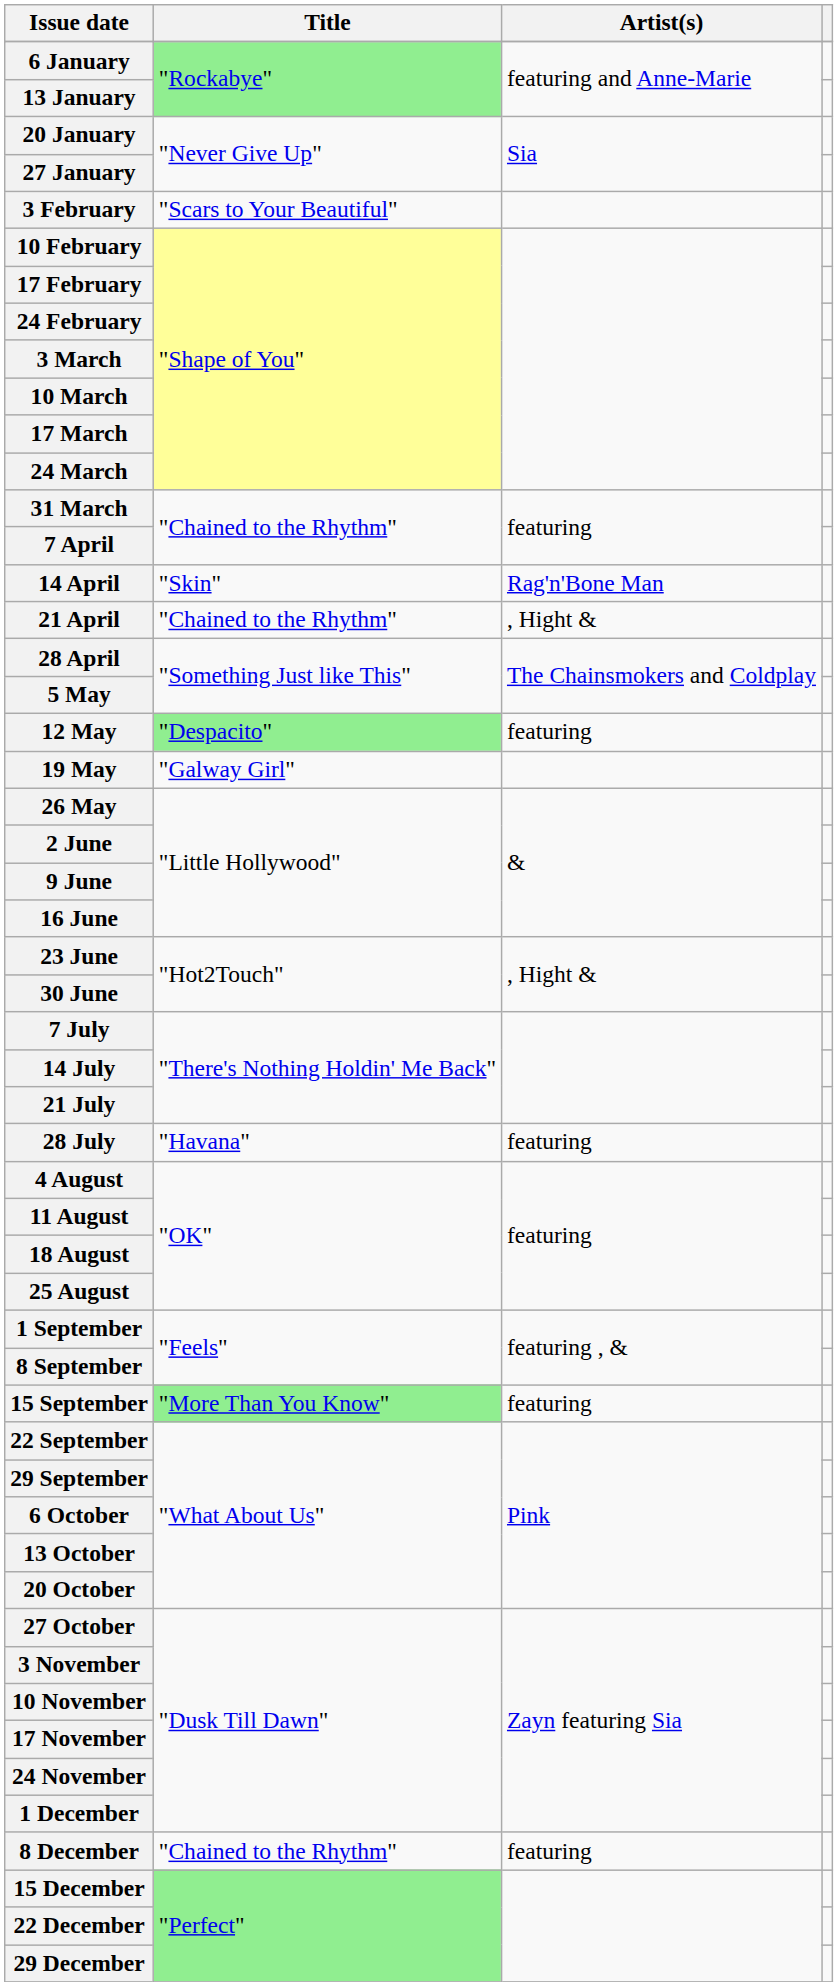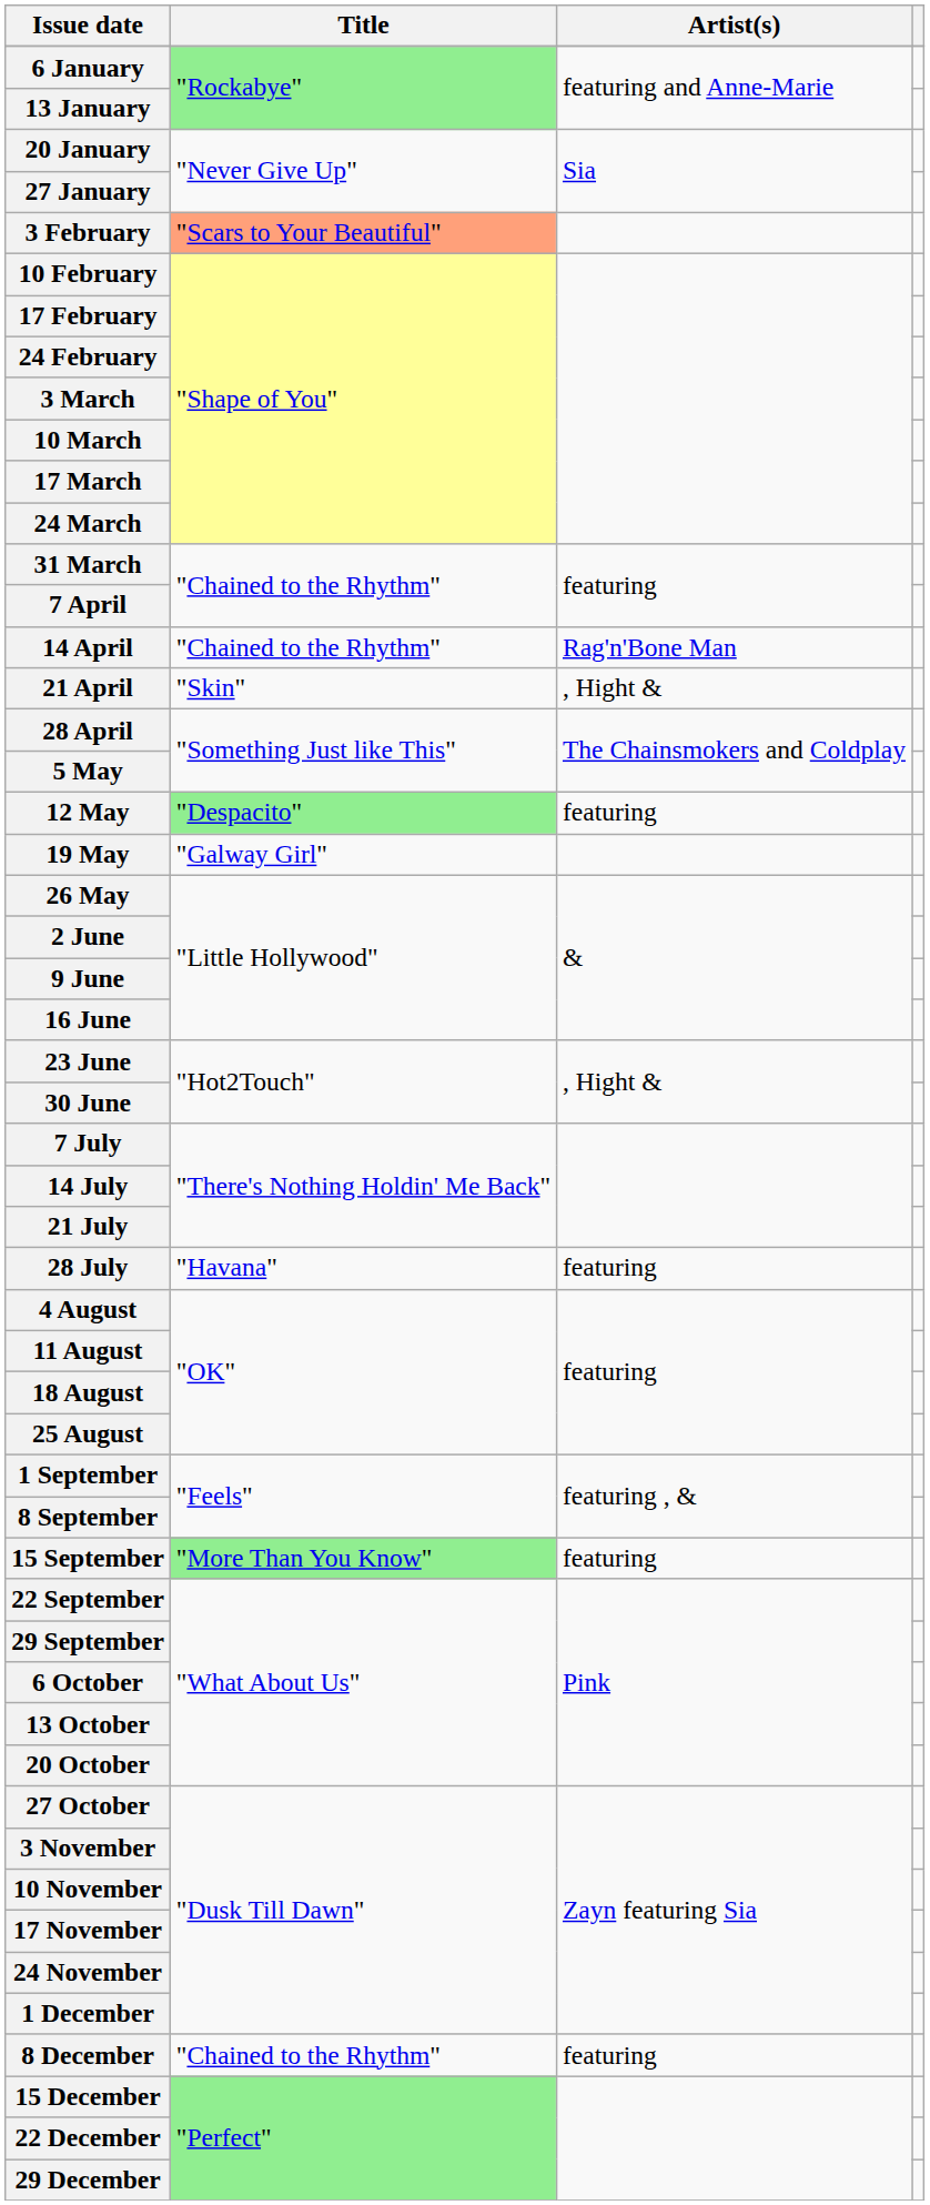 <table class="sortable wikitable sortable plainrowheaders">
 <tr>
 <th scope=col class="sortable">Issue date</th>
 <th scope=col class="sortable">Title</th>
 <th scope=col class="sortable">Artist(s)</th>
 <th scope=col class="unsortable"></th>
 </tr>
 <tr class=unsortable>
 </tr>
 <tr>
 <th scope="row" style="text-align:center;">6 January</th>
 <td scope="row" rowspan="2" style="background-color:lightgreen">"<a href='#'>Rockabye</a>" </td>
 <td rowspan="2"> featuring  and <a href='#'>Anne-Marie</a></td>
 <td style="text-align:center;"></td>
 </tr>
 <tr>
 <th scope="row" style="text-align:center;">13 January</th>
 <td style="text-align:center;"></td>
 </tr>
 <tr>
 <th scope="row" style="text-align:center;">20 January</th>
 <td scope="row" rowspan="2">"<a href='#'>Never Give Up</a>"</td>
 <td rowspan="2"><a href='#'>Sia</a></td>
 <td style="text-align:center;"></td>
 </tr>
 <tr>
 <th scope="row" style="text-align:center;">27 January</th>
 <td style="text-align:center;"></td>
 </tr>
 <tr>
 <th scope="row" style="text-align:center;">3 February</th>
-<td scope="row">"<a href='#'>Scars to Your Beautiful</a>"</td>
+<td scope="row" style="background: lightsalmon;">"<a href='#'>Scars to Your Beautiful</a>"</td>
 <td></td>
 <td style="text-align:center;"></td>
 </tr>
 <tr>
 <th scope="row" style="text-align:center;">10 February</th>
 <td scope="row" rowspan="7" style="background-color:#FFFF99">"<a href='#'>Shape of You</a>" </td>
 <td rowspan="7"></td>
 <td style="text-align:center;"></td>
 </tr>
 <tr>
 <th scope="row" style="text-align:center;">17 February</th>
 <td style="text-align:center;"></td>
 </tr>
 <tr>
 <th scope="row" style="text-align:center;">24 February</th>
 <td style="text-align:center;"></td>
 </tr>
 <tr>
 <th scope="row" style="text-align:center;">3 March</th>
 <td style="text-align:center;"></td>
 </tr>
 <tr>
 <th scope="row" style="text-align:center;">10 March</th>
 <td style="text-align:center;"></td>
 </tr>
 <tr>
 <th scope="row" style="text-align:center;">17 March</th>
 <td style="text-align:center;"></td>
 </tr>
 <tr>
 <th scope="row" style="text-align:center;">24 March</th>
 <td style="text-align:center;"></td>
 </tr>
 <tr>
 <th scope="row" style="text-align:center;">31 March</th>
 <td scope="row" rowspan="2">"<a href='#'>Chained to the Rhythm</a>"</td>
 <td rowspan="2"> featuring </td>
 <td style="text-align:center;"></td>
 </tr>
 <tr>
 <th scope="row" style="text-align:center;">7 April</th>
 <td style="text-align:center;"></td>
 </tr>
 <tr>
 <th scope="row" style="text-align:center;">14 April</th>
-<td scope="row">"<a href='#'>Skin</a>"</td>
+<td scope="row">"<a href='#'>Chained to the Rhythm</a>"</td>
 <td><a href='#'>Rag'n'Bone Man</a></td>
 <td style="text-align:center;"></td>
 </tr>
 <tr>
 <th scope="row" style="text-align:center;">21 April</th>
-<td scope="row">"<a href='#'>Chained to the Rhythm</a>"</td>
+<td scope="row">"<a href='#'>Skin</a>"</td>
 <td>, Hight & </td>
 <td style="text-align:center;"></td>
 </tr>
 <tr>
 <th scope="row" style="text-align:center;">28 April</th>
 <td scope="row" rowspan="2">"<a href='#'>Something Just like This</a>"</td>
 <td rowspan="2"><a href='#'>The Chainsmokers</a> and <a href='#'>Coldplay</a></td>
 <td style="text-align:center;"></td>
 </tr>
 <tr>
 <th scope="row" style="text-align:center;">5 May</th>
 <td style="text-align:center;"></td>
 </tr>
 <tr>
 <th scope="row" style="text-align:center;">12 May</th>
 <td scope="row" style="background-color:lightgreen">"<a href='#'>Despacito</a>" </td>
 <td> featuring </td>
 <td style="text-align:center;"></td>
 </tr>
 <tr>
 <th scope="row" style="text-align:center;">19 May</th>
 <td scope="row">"<a href='#'>Galway Girl</a>"</td>
 <td></td>
 <td style="text-align:center;"></td>
 </tr>
 <tr>
 <th scope="row" style="text-align:center;">26 May</th>
 <td scope="row" rowspan="4">"Little Hollywood"</td>
 <td rowspan="4"> & </td>
 <td style="text-align:center;"></td>
 </tr>
 <tr>
 <th scope="row" style="text-align:center;">2 June</th>
 <td style="text-align:center;"></td>
 </tr>
 <tr>
 <th scope="row" style="text-align:center;">9 June</th>
 <td style="text-align:center;"></td>
 </tr>
 <tr>
 <th scope="row" style="text-align:center;">16 June</th>
 <td style="text-align:center;"></td>
 </tr>
 <tr>
 <th scope="row" style="text-align:center;">23 June</th>
 <td scope="row" rowspan="2">"Hot2Touch"</td>
 <td rowspan="2">, Hight & </td>
 <td style="text-align:center;"></td>
 </tr>
 <tr>
 <th scope="row" style="text-align:center;">30 June</th>
 <td style="text-align:center;"></td>
 </tr>
 <tr>
 <th scope="row" style="text-align:center;">7 July</th>
 <td scope="row" rowspan="3">"<a href='#'>There's Nothing Holdin' Me Back</a>"</td>
 <td rowspan="3"></td>
 <td style="text-align:center;"></td>
 </tr>
 <tr>
 <th scope="row" style="text-align:center;">14 July</th>
 <td style="text-align:center;"></td>
 </tr>
 <tr>
 <th scope="row" style="text-align:center;">21 July</th>
 <td style="text-align:center;"></td>
 </tr>
 <tr>
 <th scope="row" style="text-align:center;">28 July</th>
 <td scope="row">"<a href='#'>Havana</a>"</td>
 <td> featuring </td>
 <td style="text-align:center;"></td>
 </tr>
 <tr>
 <th scope="row" style="text-align:center;">4 August</th>
 <td scope="row" rowspan="4">"<a href='#'>OK</a>"</td>
 <td rowspan="4"> featuring </td>
 <td style="text-align:center;"></td>
 </tr>
 <tr>
 <th scope="row" style="text-align:center;">11 August</th>
 <td style="text-align:center;"></td>
 </tr>
 <tr>
 <th scope="row" style="text-align:center;">18 August</th>
 <td style="text-align:center;"></td>
 </tr>
 <tr>
 <th scope="row" style="text-align:center;">25 August</th>
 <td style="text-align:center;"></td>
 </tr>
 <tr>
 <th scope="row" style="text-align:center;">1 September</th>
 <td scope="row" rowspan="2">"<a href='#'>Feels</a>"</td>
 <td rowspan="2"> featuring ,  & </td>
 <td style="text-align:center;"></td>
 </tr>
 <tr>
 <th scope="row" style="text-align:center;">8 September</th>
 <td style="text-align:center;"></td>
 </tr>
 <tr>
 <th scope="row" style="text-align:center;">15 September</th>
 <td scope="row" style="background-color:lightgreen">"<a href='#'>More Than You Know</a>" </td>
 <td> featuring </td>
 <td style="text-align:center;"></td>
 </tr>
 <tr>
 <th scope="row" style="text-align:center;">22 September</th>
 <td scope="row" rowspan="5">"<a href='#'>What About Us</a>"</td>
 <td rowspan="5"><a href='#'>Pink</a></td>
 <td style="text-align:center;"></td>
 </tr>
 <tr>
 <th scope="row" style="text-align:center;">29 September</th>
 <td style="text-align:center;"></td>
 </tr>
 <tr>
 <th scope="row" style="text-align:center;">6 October</th>
 <td style="text-align:center;"></td>
 </tr>
 <tr>
 <th scope="row" style="text-align:center;">13 October</th>
 <td style="text-align:center;"></td>
 </tr>
 <tr>
 <th scope="row" style="text-align:center;">20 October</th>
 <td style="text-align:center;"></td>
 </tr>
 <tr>
 <th scope="row" style="text-align:center;">27 October</th>
 <td scope="row" rowspan="6">"<a href='#'>Dusk Till Dawn</a>"</td>
 <td rowspan="6"><a href='#'>Zayn</a> featuring <a href='#'>Sia</a></td>
 <td style="text-align:center;"></td>
 </tr>
 <tr>
 <th scope="row" style="text-align:center;">3 November</th>
 <td style="text-align:center;"></td>
 </tr>
 <tr>
 <th scope="row" style="text-align:center;">10 November</th>
 <td style="text-align:center;"></td>
 </tr>
 <tr>
 <th scope="row" style="text-align:center;">17 November</th>
 <td style="text-align:center;"></td>
 </tr>
 <tr>
 <th scope="row" style="text-align:center;">24 November</th>
 <td style="text-align:center;"></td>
 </tr>
 <tr>
 <th scope="row" style="text-align:center;">1 December</th>
 <td style="text-align:center;"></td>
 </tr>
 <tr>
 <th scope="row" style="text-align:center;">8 December</th>
 <td scope="row">"<a href='#'>Chained to the Rhythm</a>"</td>
 <td> featuring </td>
 <td style="text-align:center;"></td>
 </tr>
 <tr>
 <th scope="row" style="text-align:center;">15 December</th>
 <td scope="row" rowspan="3" style="background-color:lightgreen">"<a href='#'>Perfect</a>" </td>
 <td rowspan="3"></td>
 <td style="text-align:center;"></td>
 </tr>
 <tr>
 <th scope="row" style="text-align:center;">22 December</th>
 <td style="text-align:center;"></td>
 </tr>
 <tr>
 <th scope="row" style="text-align:center;">29 December</th>
 <td style="text-align:center;"></td>
 </tr>
 </table>
